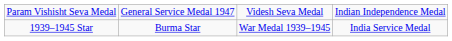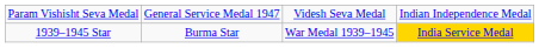 <table class="wikitable" style="margin:1em auto; text-align:center;">
 <tr>
 <td><a href='#'>Param Vishisht Seva Medal</a></td>
 <td><a href='#'>General Service Medal 1947</a></td>
 <td><a href='#'>Videsh Seva Medal</a></td>
 <td><a href='#'>Indian Independence Medal</a></td>
 </tr>
 <tr>
 <td><a href='#'>1939–1945 Star</a></td>
 <td><a href='#'>Burma Star</a></td>
 <td><a href='#'>War Medal 1939–1945</a></td>
-<td><a href='#'>India Service Medal</a></td>
+<td style="background: gold;"><a href='#'>India Service Medal</a></td>
 </tr>
 </table>
